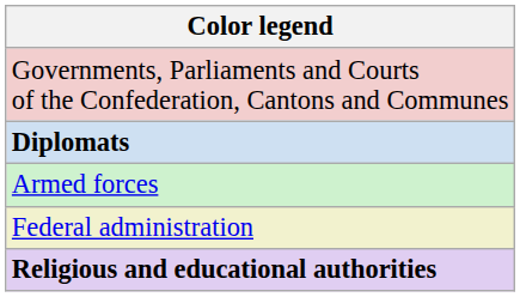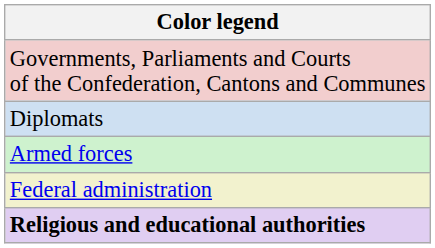 <table class="wikitable">
 <tr>
 <th>Color legend</th>
 </tr>
 <tr>
 <td style="background:#F2CECE;">Governments, Parliaments and Courts<br>of the Confederation, Cantons and Communes</td>
 </tr>
 <tr>
-<td style="background:#CEE0F2;"><strong>Diplomats</strong></td>
+<td style="background:#CEE0F2;">Diplomats</td>
 </tr>
 <tr>
 <td style="background:#CEF2CE;"><a href='#'>Armed forces</a></td>
 </tr>
 <tr>
 <td style="background:#F2F2CE;"><a href='#'>Federal administration</a></td>
 </tr>
 <tr>
 <td style="background:#E0CEF2;"><strong>Religious and educational authorities</strong></td>
 </tr>
 </table>
